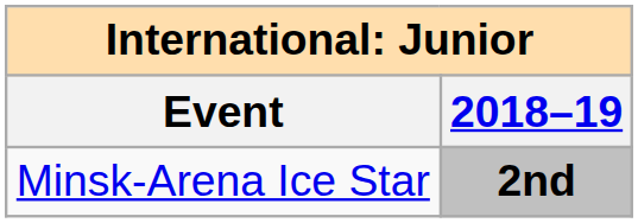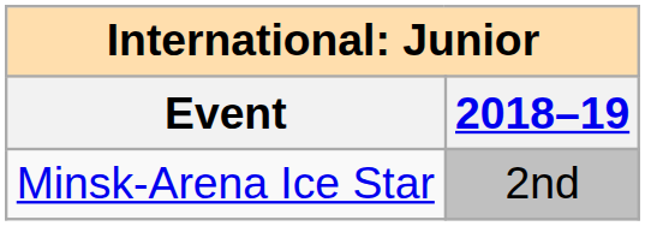 <table class="wikitable" style="text-align:center">
 <tr>
 <th style="background-color: #ffdead; " colspan=5 align=center>International: Junior</th>
 </tr>
 <tr>
 <th>Event</th>
 <th><a href='#'>2018–19</a></th>
 </tr>
 <tr>
 <td align=left><a href='#'>Minsk-Arena Ice Star</a></td>
-<td bgcolor=silver><strong>2nd</strong></td>
+<td bgcolor=silver>2nd</td>
 </tr>
 </table>
